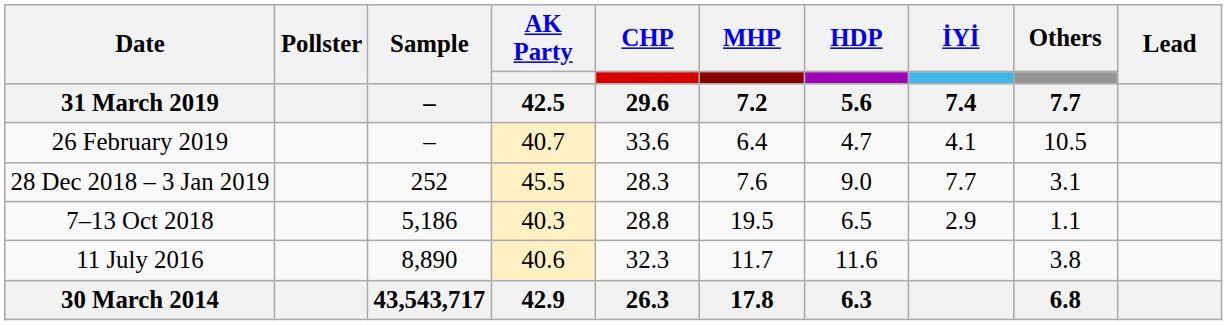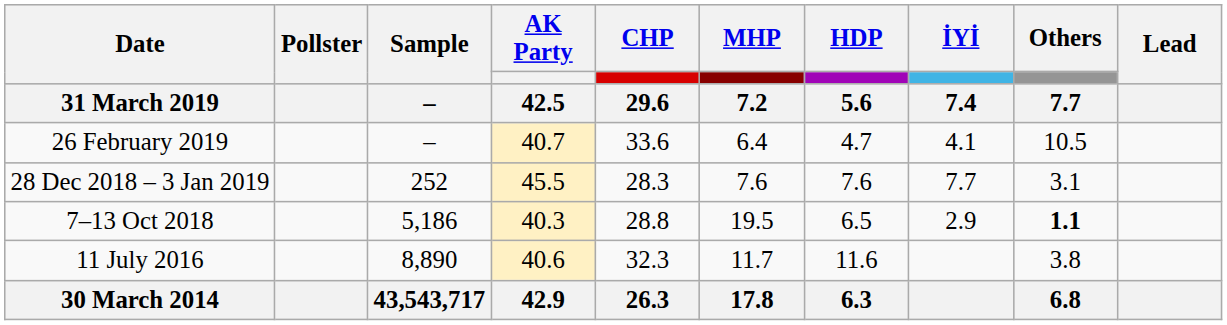 <table class="wikitable sortable" style=text-align:center>
 <tr>
 <th rowspan=2>Date</th>
 <th rowspan=2>Pollster</th>
 <th rowspan=2>Sample</th>
 <th width=60><a href='#'>AK Party</a></th>
 <th width=60><a href='#'>CHP</a></th>
 <th width=60><a href='#'>MHP</a></th>
 <th width=60><a href='#'>HDP</a></th>
 <th width=60><a href='#'>İYİ</a></th>
 <th width=60>Others</th>
 <th width=60 rowspan=2>Lead</th>
 </tr>
 <tr>
 <th style="background: "></th>
 <th style="background: #d70000"></th>
 <th style="background: #870000"></th>
 <th style="background: #A004B7"></th>
 <th style="background: #40B4E5"></th>
 <th style="background: #959595"></th>
 </tr>
 <tr class=sortbottom style="background:#f2f2f2; font-weight:bold">
 <td>31 March 2019</td>
 <td></td>
 <td>–</td>
 <td style="background: "><strong>42.5</strong></td>
 <td>29.6</td>
 <td>7.2</td>
 <td>5.6</td>
 <td>7.4</td>
 <td>7.7</td>
 <td style="background: "></td>
 </tr>
 <tr>
 <td>26 February 2019</td>
 <td></td>
 <td>–</td>
 <td style="background: #FFF1C4">40.7</td>
 <td>33.6</td>
 <td>6.4</td>
 <td>4.7</td>
 <td>4.1</td>
 <td>10.5</td>
 <td style="background: "></td>
 </tr>
 <tr>
 <td>28 Dec 2018 – 3 Jan 2019</td>
 <td></td>
 <td>252</td>
 <td style="background: #FFF1C4">45.5</td>
 <td>28.3</td>
 <td>7.6</td>
-<td>9.0</td>
+<td>7.6</td>
 <td>7.7</td>
 <td>3.1</td>
 <td style="background: "></td>
 </tr>
 <tr>
 <td>7–13 Oct 2018</td>
 <td></td>
 <td>5,186</td>
 <td style="background: #FFF1C4">40.3</td>
 <td>28.8</td>
 <td>19.5</td>
 <td>6.5</td>
 <td>2.9</td>
-<td>1.1</td>
+<td><strong>1.1</strong></td>
 <td style="background: "></td>
 </tr>
 <tr>
 <td>11 July 2016</td>
 <td></td>
 <td>8,890</td>
 <td style="background: #FFF1C4">40.6</td>
 <td>32.3</td>
 <td>11.7</td>
 <td>11.6</td>
 <td></td>
 <td>3.8</td>
 <td style="background: "></td>
 </tr>
 <tr class=sortbottom style="background:#f2f2f2; font-weight:bold">
 <td>30 March 2014</td>
 <td></td>
 <td>43,543,717</td>
 <td style="background: "><strong>42.9</strong></td>
 <td>26.3</td>
 <td>17.8</td>
 <td>6.3</td>
 <td></td>
 <td>6.8</td>
 <td style="background: "></td>
 </tr>
 </table>
